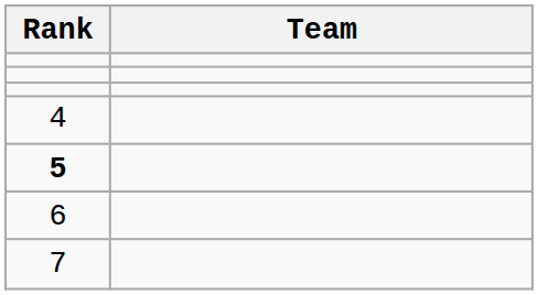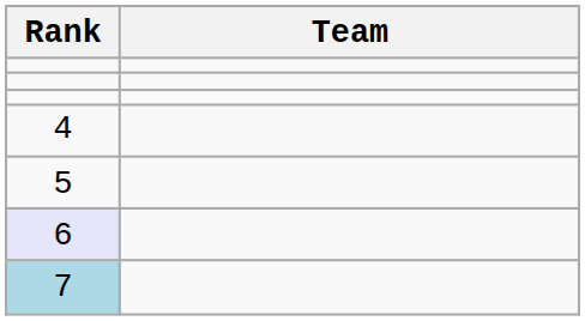 <table class="wikitable" style="text-align: center;">
 <tr>
 <th width=40>Rank</th>
 <th width=180>Team</th>
 </tr>
 <tr>
 <td></td>
 <td style="text-align:left;"></td>
 </tr>
 <tr>
 <td></td>
 <td style="text-align:left;"></td>
 </tr>
 <tr>
 <td></td>
 <td style="text-align:left;"></td>
 </tr>
 <tr>
 <td>4</td>
 <td style="text-align:left;"></td>
 </tr>
 <tr>
-<td><strong>5</strong></td>
+<td>5</td>
 <td style="text-align:left;"></td>
 </tr>
 <tr>
-<td>6</td>
+<td style="background: lavender;">6</td>
 <td style="text-align:left;"></td>
 </tr>
 <tr>
-<td>7</td>
+<td style="background: lightblue;">7</td>
 <td style="text-align:left;"></td>
 </tr>
 </table>
